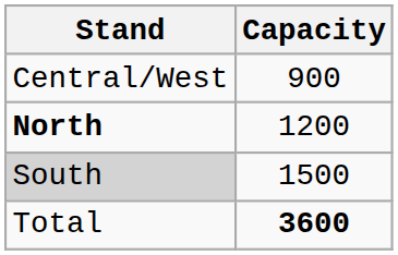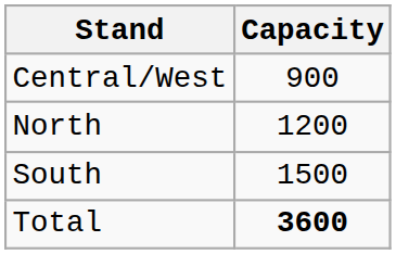 <table class="wikitable">
 <tr>
 <th>Stand</th>
 <th>Capacity</th>
 </tr>
 <tr>
 <td>Central/West</td>
 <td colspan="2" style="text-align: center;">900</td>
 </tr>
 <tr>
-<td><strong>North</strong></td>
+<td>North</td>
 <td colspan="2" style="text-align: center;">1200</td>
 </tr>
 <tr>
-<td style="background: lightgrey;">South</td>
+<td>South</td>
 <td colspan="2" style="text-align: center;">1500</td>
 </tr>
 <tr>
 <td>Total</td>
 <td colspan="2" style="text-align: center;"><strong>3600</strong></td>
 </tr>
 </table>
